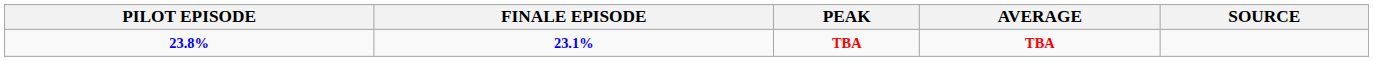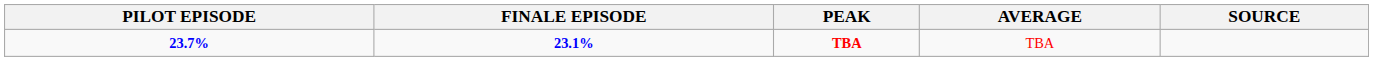 <table class="wikitable" style="text-align:center; background:#f9f9f9; line-height:16px;" width="100%">
 <tr>
 <th>PILOT EPISODE</th>
 <th>FINALE EPISODE</th>
 <th>PEAK</th>
 <th>AVERAGE</th>
 <th>SOURCE</th>
 </tr>
 <tr>
-<td style="text-align:center; color:blue;"><small> <strong>23.8%</strong></small></td>
+<td style="text-align:center; color:blue;"><small> <strong>23.7%</strong></small></td>
 <td style="text-align:center; color:blue;"><small> <strong>23.1%</strong></small></td>
 <td style="text-align:center; color:red;"><strong><small>TBA</small></strong></td>
-<td style="text-align:center; color:red;"><strong><small>TBA</small></strong></td>
+<td style="text-align:center; color:red;"><small>TBA</small></td>
 <td></td>
 </tr>
 </table>
